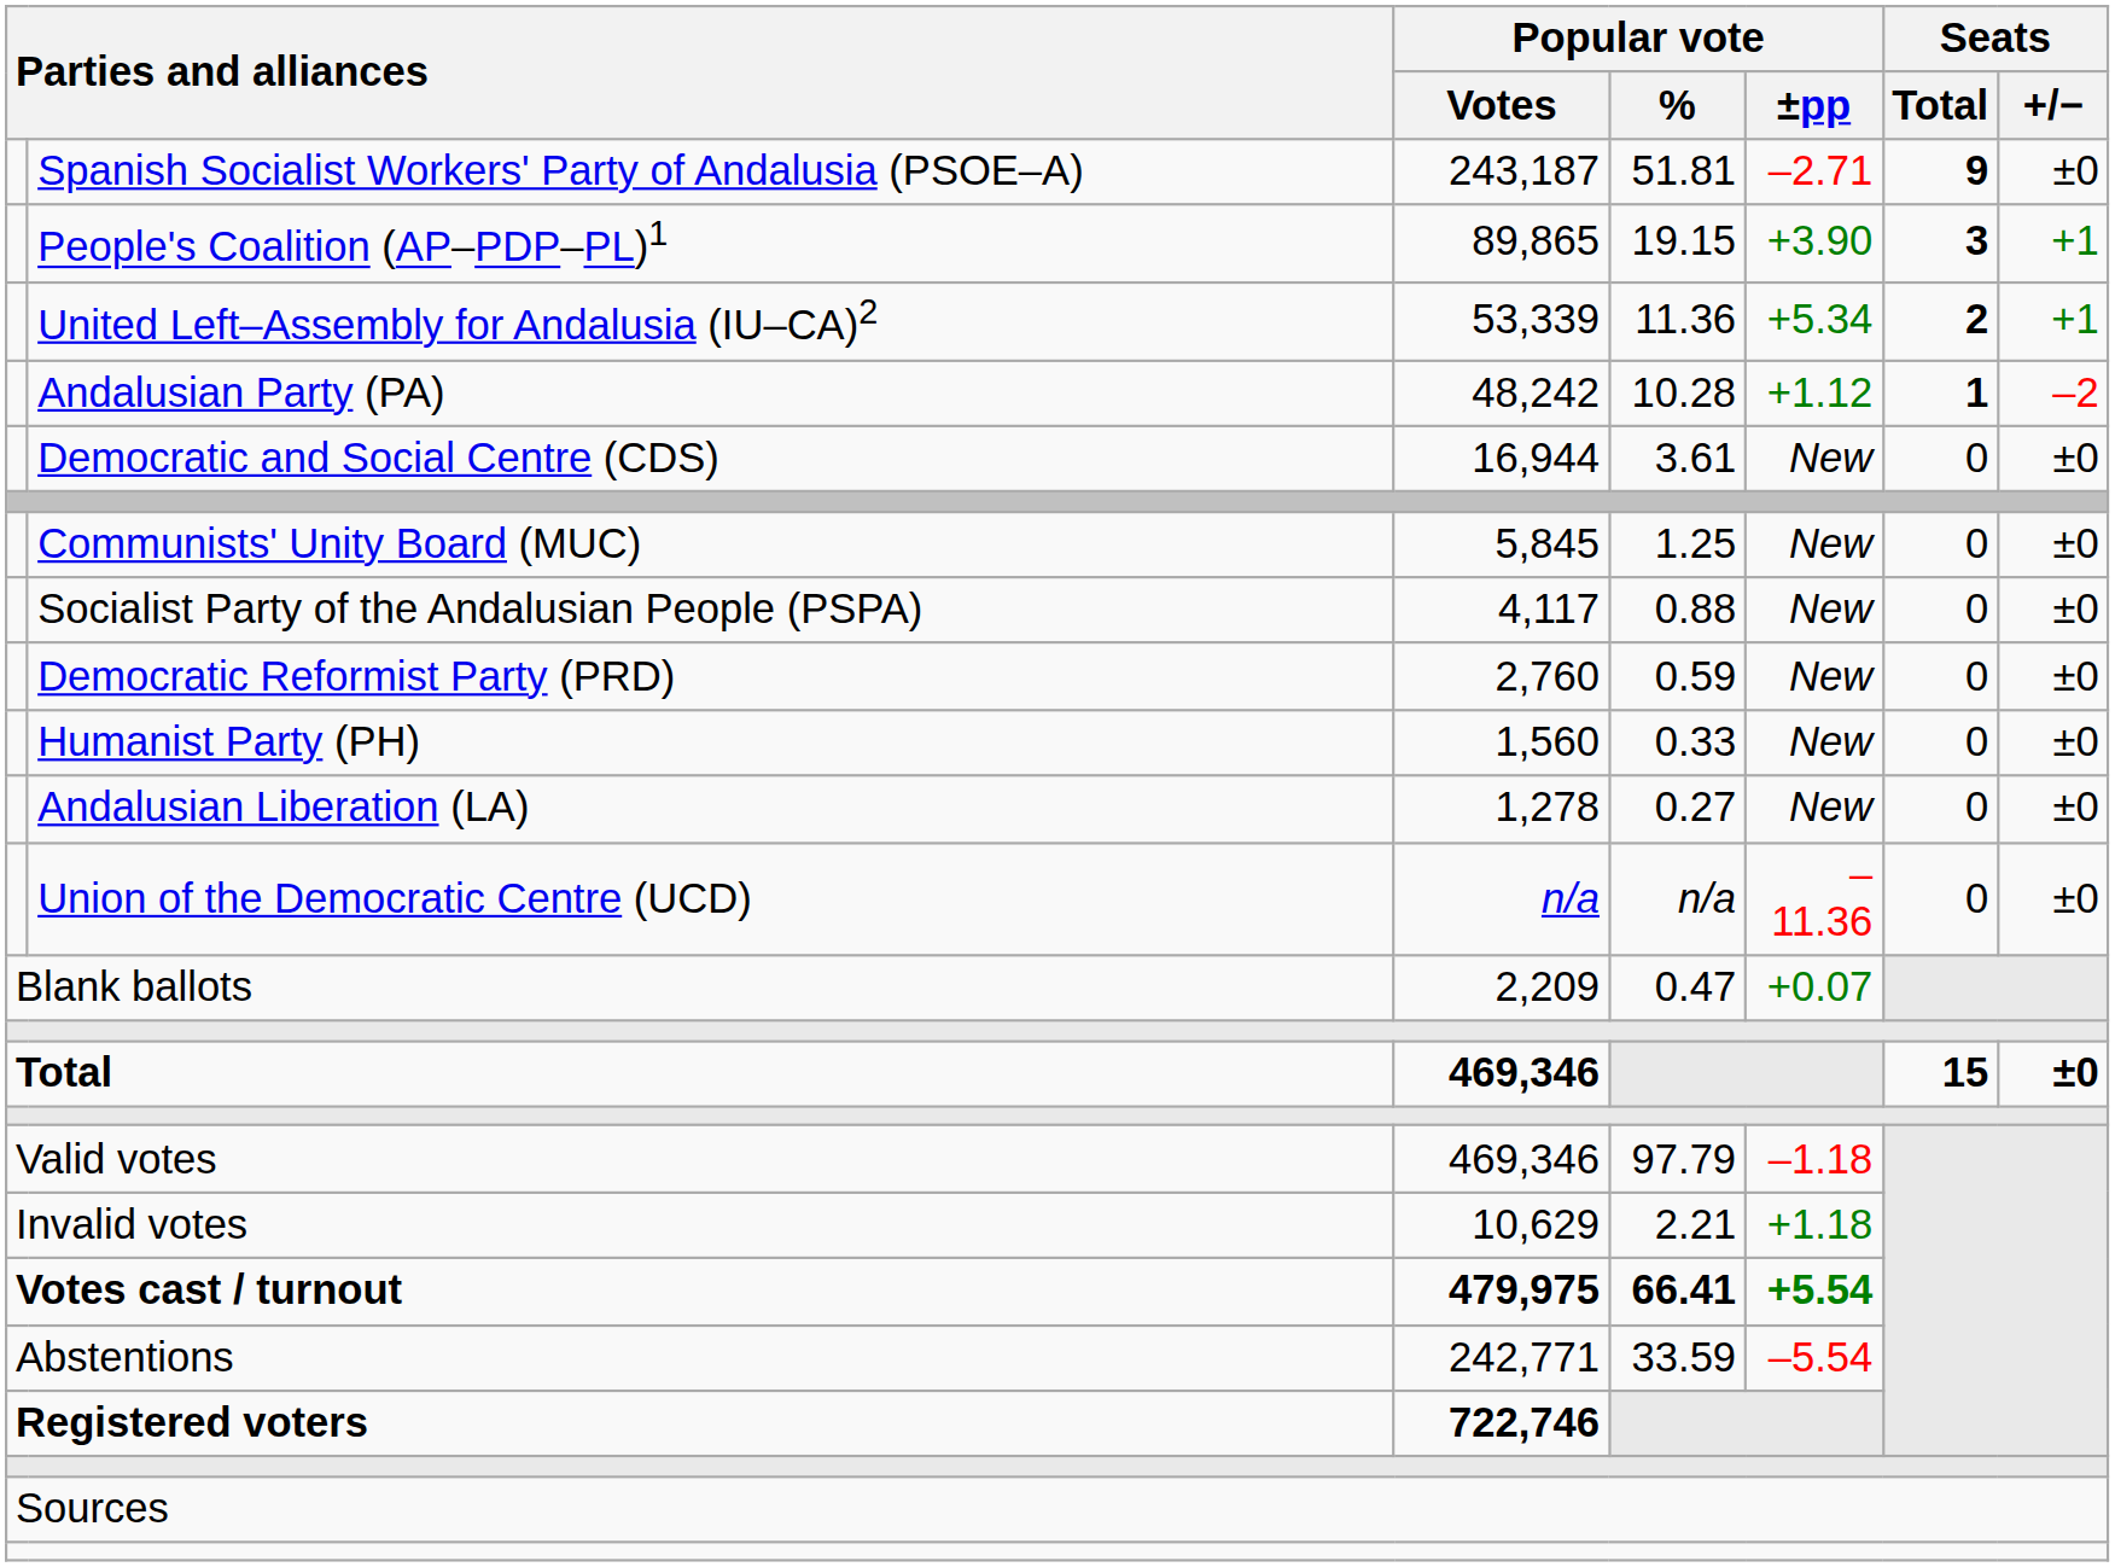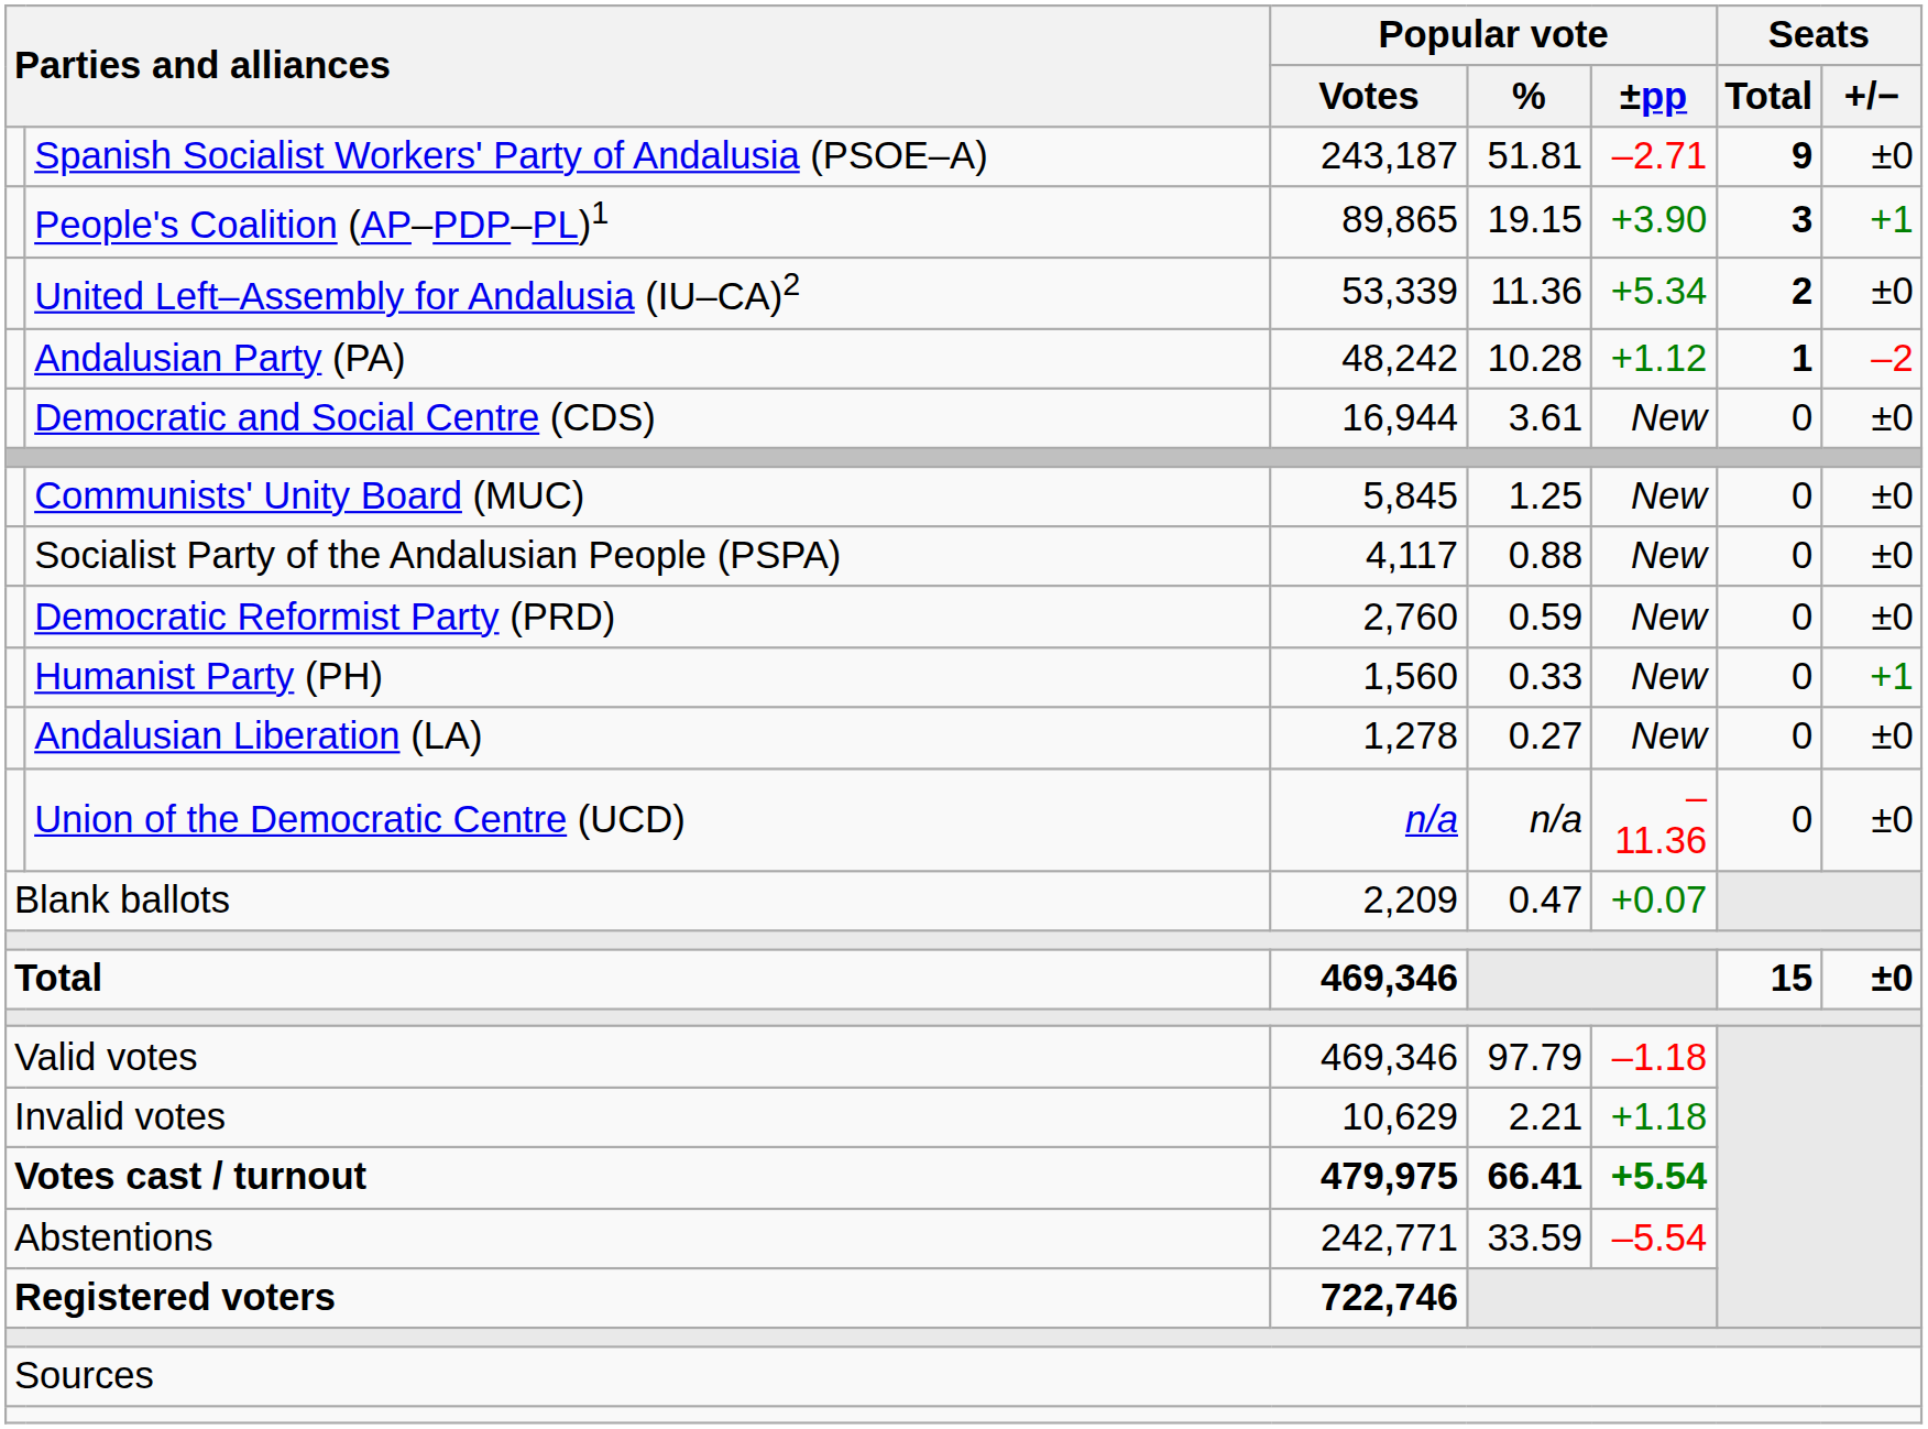 <table class="wikitable" style="text-align:right;">
 <tr>
 <th style="text-align:left;" rowspan="2" colspan="2" width="525">Parties and alliances</th>
 <th colspan="3">Popular vote</th>
 <th colspan="2">Seats</th>
 </tr>
 <tr>
 <th width="75">Votes</th>
 <th width="45">%</th>
 <th width="45">±<a href='#'>pp</a></th>
 <th width="35">Total</th>
 <th width="35">+/−</th>
 </tr>
 <tr>
 <td width="1" style="color:inherit;background:"></td>
 <td align="left"><a href='#'>Spanish Socialist Workers' Party of Andalusia</a> (PSOE–A)</td>
 <td>243,187</td>
 <td>51.81</td>
 <td style="color:red;">–2.71</td>
 <td><strong>9</strong></td>
 <td>±0</td>
 </tr>
 <tr>
 <td style="color:inherit;background:"></td>
 <td align="left"><a href='#'>People's Coalition</a> (<a href='#'>AP</a>–<a href='#'>PDP</a>–<a href='#'>PL</a>)<sup>1</sup></td>
 <td>89,865</td>
 <td>19.15</td>
 <td style="color:green;">+3.90</td>
 <td><strong>3</strong></td>
 <td style="color:green;">+1</td>
 </tr>
 <tr>
 <td style="color:inherit;background:"></td>
 <td align="left"><a href='#'>United Left–Assembly for Andalusia</a> (IU–CA)<sup>2</sup></td>
 <td>53,339</td>
 <td>11.36</td>
 <td style="color:green;">+5.34</td>
 <td><strong>2</strong></td>
-<td style="color:green;">+1</td>
+<td>±0</td>
 </tr>
 <tr>
 <td style="color:inherit;background:"></td>
 <td align="left"><a href='#'>Andalusian Party</a> (PA)</td>
 <td>48,242</td>
 <td>10.28</td>
 <td style="color:green;">+1.12</td>
 <td><strong>1</strong></td>
 <td style="color:red;">–2</td>
 </tr>
 <tr>
 <td style="color:inherit;background:"></td>
 <td align="left"><a href='#'>Democratic and Social Centre</a> (CDS)</td>
 <td>16,944</td>
 <td>3.61</td>
 <td><em>New</em></td>
 <td>0</td>
 <td>±0</td>
 </tr>
 <tr>
 <td colspan="7" bgcolor="#C0C0C0"></td>
 </tr>
 <tr>
 <td style="color:inherit;background:"></td>
 <td align="left"><a href='#'>Communists' Unity Board</a> (MUC)</td>
 <td>5,845</td>
 <td>1.25</td>
 <td><em>New</em></td>
 <td>0</td>
 <td>±0</td>
 </tr>
 <tr>
 <td style="color:inherit;background:"></td>
 <td align="left">Socialist Party of the Andalusian People (PSPA)</td>
 <td>4,117</td>
 <td>0.88</td>
 <td><em>New</em></td>
 <td>0</td>
 <td>±0</td>
 </tr>
 <tr>
 <td style="color:inherit;background:"></td>
 <td align="left"><a href='#'>Democratic Reformist Party</a> (PRD)</td>
 <td>2,760</td>
 <td>0.59</td>
 <td><em>New</em></td>
 <td>0</td>
 <td>±0</td>
 </tr>
 <tr>
 <td style="color:inherit;background:"></td>
 <td align="left"><a href='#'>Humanist Party</a> (PH)</td>
 <td>1,560</td>
 <td>0.33</td>
 <td><em>New</em></td>
 <td>0</td>
-<td>±0</td>
+<td style="color:green;">+1</td>
 </tr>
 <tr>
 <td style="color:inherit;background:"></td>
 <td align="left"><a href='#'>Andalusian Liberation</a> (LA)</td>
 <td>1,278</td>
 <td>0.27</td>
 <td><em>New</em></td>
 <td>0</td>
 <td>±0</td>
 </tr>
 <tr>
 <td style="color:inherit;background:"></td>
 <td align="left"><a href='#'>Union of the Democratic Centre</a> (UCD)</td>
 <td><em><a href='#'>n/a</a></em></td>
 <td><em>n/a</em></td>
 <td style="color:red;">–11.36</td>
 <td>0</td>
 <td>±0</td>
 </tr>
 <tr>
 <td align="left" colspan="2">Blank ballots</td>
 <td>2,209</td>
 <td>0.47</td>
 <td style="color:green;">+0.07</td>
 <td bgcolor="#E9E9E9" colspan="2"></td>
 </tr>
 <tr>
 <td colspan="7" bgcolor="#E9E9E9"></td>
 </tr>
 <tr style="font-weight:bold;">
 <td align="left" colspan="2">Total</td>
 <td>469,346</td>
 <td bgcolor="#E9E9E9" colspan="2"></td>
 <td>15</td>
 <td>±0</td>
 </tr>
 <tr>
 <td colspan="7" bgcolor="#E9E9E9"></td>
 </tr>
 <tr>
 <td align="left" colspan="2">Valid votes</td>
 <td>469,346</td>
 <td>97.79</td>
 <td style="color:red;">–1.18</td>
 <td bgcolor="#E9E9E9" colspan="2" rowspan="5"></td>
 </tr>
 <tr>
 <td align="left" colspan="2">Invalid votes</td>
 <td>10,629</td>
 <td>2.21</td>
 <td style="color:green;">+1.18</td>
 </tr>
 <tr style="font-weight:bold;">
 <td align="left" colspan="2">Votes cast / turnout</td>
 <td>479,975</td>
 <td>66.41</td>
 <td style="color:green;">+5.54</td>
 </tr>
 <tr>
 <td align="left" colspan="2">Abstentions</td>
 <td>242,771</td>
 <td>33.59</td>
 <td style="color:red;">–5.54</td>
 </tr>
 <tr style="font-weight:bold;">
 <td align="left" colspan="2">Registered voters</td>
 <td>722,746</td>
 <td bgcolor="#E9E9E9" colspan="2"></td>
 </tr>
 <tr>
 <td colspan="7" bgcolor="#E9E9E9"></td>
 </tr>
 <tr>
 <td align="left" colspan="7">Sources</td>
 </tr>
 <tr>
 <td colspan="7" style="text-align:left; max-width:790px;"></td>
 </tr>
 </table>
